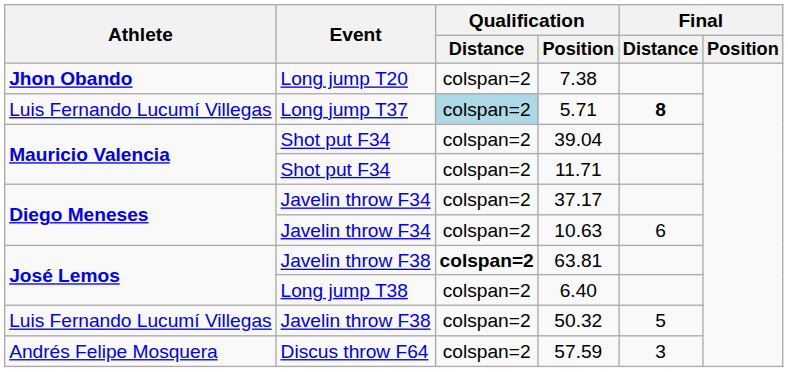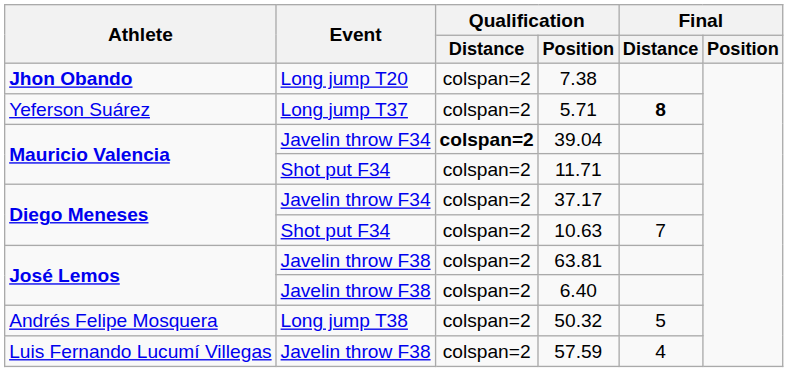 <table class=wikitable style="font-size:90%">
 <tr>
 <th rowspan="2">Athlete</th>
 <th rowspan="2">Event</th>
 <th colspan="2">Qualification</th>
 <th colspan="2">Final</th>
 </tr>
 <tr style="font-size:95%">
 <th>Distance</th>
 <th>Position</th>
 <th>Distance</th>
 <th>Position</th>
 </tr>
 <tr style="text-align:center">
 <td style="text-align:left"><strong><a href='#'>Jhon Obando</a></strong></td>
 <td style="text-align:left"><a href='#'>Long jump T20</a></td>
 <td>colspan=2 </td>
 <td>7.38 <strong></strong></td>
 <td></td>
 </tr>
 <tr style="text-align:center">
-<td style="text-align:left"><a href='#'>Luis Fernando Lucumí Villegas</a></td>
+<td style="text-align:left"><a href='#'>Yeferson Suárez</a></td>
 <td style="text-align:left"><a href='#'>Long jump T37</a></td>
-<td style="background: lightblue;">colspan=2 </td>
+<td>colspan=2 </td>
 <td>5.71 <strong></strong></td>
 <td><strong>8</strong></td>
 </tr>
 <tr style="text-align:center">
 <td style="text-align:left" rowspan=2><strong><a href='#'>Mauricio Valencia</a></strong></td>
-<td style="text-align:left"><a href='#'>Shot put F34</a></td>
-<td>colspan=2 </td>
+<td style="text-align:left"><a href='#'>Javelin throw F34</a></td>
+<td><strong>colspan=2 </strong></td>
 <td>39.04 <strong></strong></td>
 <td></td>
 </tr>
 <tr style="text-align:center">
 <td style="text-align:left"><a href='#'>Shot put F34</a></td>
 <td>colspan=2 </td>
 <td>11.71 <strong></strong></td>
 <td></td>
 </tr>
 <tr style="text-align:center">
 <td style="text-align:left" rowspan=2><strong><a href='#'>Diego Meneses</a></strong></td>
 <td style="text-align:left"><a href='#'>Javelin throw F34</a></td>
 <td>colspan=2 </td>
 <td>37.17 <strong></strong></td>
 <td></td>
 </tr>
 <tr style="text-align:center">
-<td style="text-align:left"><a href='#'>Javelin throw F34</a></td>
+<td style="text-align:left"><a href='#'>Shot put F34</a></td>
 <td>colspan=2 </td>
 <td>10.63</td>
-<td>6</td>
+<td>7</td>
 </tr>
 <tr style="text-align:center">
 <td rowspan=2 style="text-align:left"><a href='#'><strong>José Lemos</strong></a></td>
 <td style="text-align:left"><a href='#'>Javelin throw F38</a></td>
-<td><strong>colspan=2 </strong></td>
+<td>colspan=2 </td>
 <td>63.81 <strong></strong></td>
 <td></td>
 </tr>
 <tr style="text-align:center">
-<td style="text-align:left"><a href='#'>Long jump T38</a></td>
+<td style="text-align:left"><a href='#'>Javelin throw F38</a></td>
 <td>colspan=2 </td>
 <td>6.40 <strong></strong></td>
 <td></td>
 </tr>
 <tr style="text-align:center">
-<td style="text-align:left"><a href='#'>Luis Fernando Lucumí Villegas</a></td>
-<td style="text-align:left"><a href='#'>Javelin throw F38</a></td>
+<td style="text-align:left"><a href='#'>Andrés Felipe Mosquera</a></td>
+<td style="text-align:left"><a href='#'>Long jump T38</a></td>
 <td>colspan=2 </td>
 <td>50.32</td>
 <td>5</td>
 </tr>
 <tr style="text-align:center">
-<td style="text-align:left"><a href='#'>Andrés Felipe Mosquera</a></td>
-<td style="text-align:left"><a href='#'>Discus throw F64</a></td>
+<td style="text-align:left"><a href='#'>Luis Fernando Lucumí Villegas</a></td>
+<td style="text-align:left"><a href='#'>Javelin throw F38</a></td>
 <td>colspan=2 </td>
 <td>57.59</td>
-<td>3</td>
+<td>4</td>
 </tr>
 </table>
